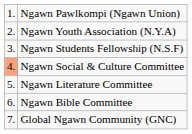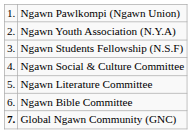 <table class="wikitable">
 <tr>
 <td>1.</td>
 <td>Ngawn Pawlkompi (Ngawn Union)</td>
 </tr>
 <tr>
 <td>2.</td>
 <td>Ngawn Youth Association (N.Y.A)</td>
 </tr>
 <tr>
 <td>3.</td>
 <td>Ngawn Students Fellowship (N.S.F)</td>
 </tr>
 <tr>
-<td style="background: lightsalmon;">4.</td>
+<td>4.</td>
 <td>Ngawn Social & Culture Committee</td>
 </tr>
 <tr>
 <td>5.</td>
 <td>Ngawn Literature Committee</td>
 </tr>
 <tr>
 <td>6.</td>
 <td>Ngawn Bible Committee</td>
 </tr>
 <tr>
-<td>7.</td>
+<td><strong>7.</strong></td>
 <td>Global Ngawn Community (GNC)</td>
 </tr>
 </table>
